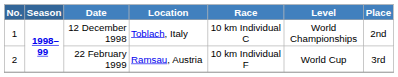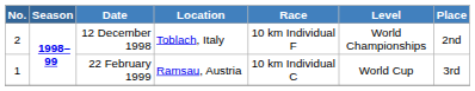 <table class="wikitable sortable" style="font-size:95%; text-align:center; border:grey solid 1px; border-collapse:collapse; background:#ffffff;">
 <tr style="background:#efefef;">
 <th style="background-color:#369; color:white;">No.</th>
 <th style="background-color:#369; color:white;">Season</th>
 <th style="background-color:#4180be; color:white; width:120px;">Date</th>
 <th style="background-color:#4180be; color:white; width:170px;">Location</th>
 <th style="background-color:#4180be; color:white; width:160px;">Race</th>
 <th style="background-color:#4180be; color:white; width:130px;">Level</th>
 <th style="background-color:#4180be; color:white;">Place</th>
 </tr>
 <tr>
-<td align=center>1</td>
+<td align=center>2</td>
 <td rowspan=2 align=center><strong> <a href='#'>1998–99</a> </strong></td>
 <td align=right>12 December 1998</td>
 <td align=left> <a href='#'>Toblach</a>, Italy</td>
-<td>10 km Individual C</td>
+<td>10 km Individual F</td>
 <td>World Championships</td>
 <td>2nd</td>
 </tr>
 <tr>
-<td align=center>2</td>
+<td align=center>1</td>
 <td align=right>22 February 1999</td>
 <td align=left> <a href='#'>Ramsau</a>, Austria</td>
-<td>10 km Individual F</td>
+<td>10 km Individual C</td>
 <td>World Cup</td>
 <td>3rd</td>
 </tr>
 <tr>
 </tr>
 </table>
